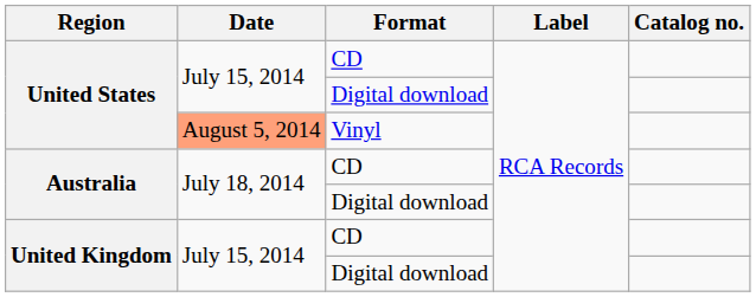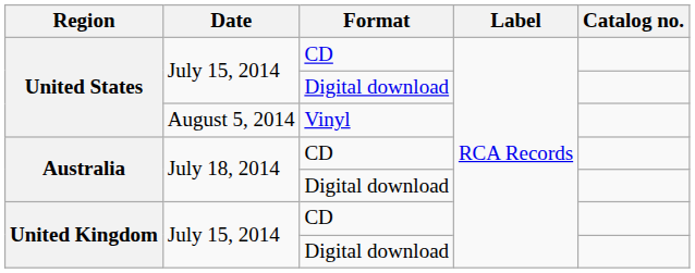 <table class="wikitable sortable plainrowheaders">
 <tr>
 <th scope="col">Region</th>
 <th scope="col">Date</th>
 <th scope="col">Format</th>
 <th scope="col">Label</th>
 <th scope="col" class="unsortable">Catalog no.</th>
 </tr>
 <tr>
 <th scope="row" rowspan="3">United States</th>
 <td rowspan="2">July 15, 2014</td>
 <td><a href='#'>CD</a></td>
 <td rowspan="7"><a href='#'>RCA Records</a></td>
 <td></td>
 </tr>
 <tr>
 <td><a href='#'>Digital download</a></td>
 <td></td>
 </tr>
 <tr>
-<td style="background: lightsalmon;">August 5, 2014</td>
+<td>August 5, 2014</td>
 <td><a href='#'>Vinyl</a></td>
 <td></td>
 </tr>
 <tr>
 <th scope="row" rowspan="2">Australia</th>
 <td rowspan="2">July 18, 2014</td>
 <td>CD</td>
 <td></td>
 </tr>
 <tr>
 <td>Digital download</td>
 <td></td>
 </tr>
 <tr>
 <th scope="row" rowspan="2">United Kingdom</th>
 <td rowspan="2">July 15, 2014</td>
 <td>CD</td>
 <td></td>
 </tr>
 <tr>
 <td>Digital download</td>
 <td></td>
 </tr>
 </table>
